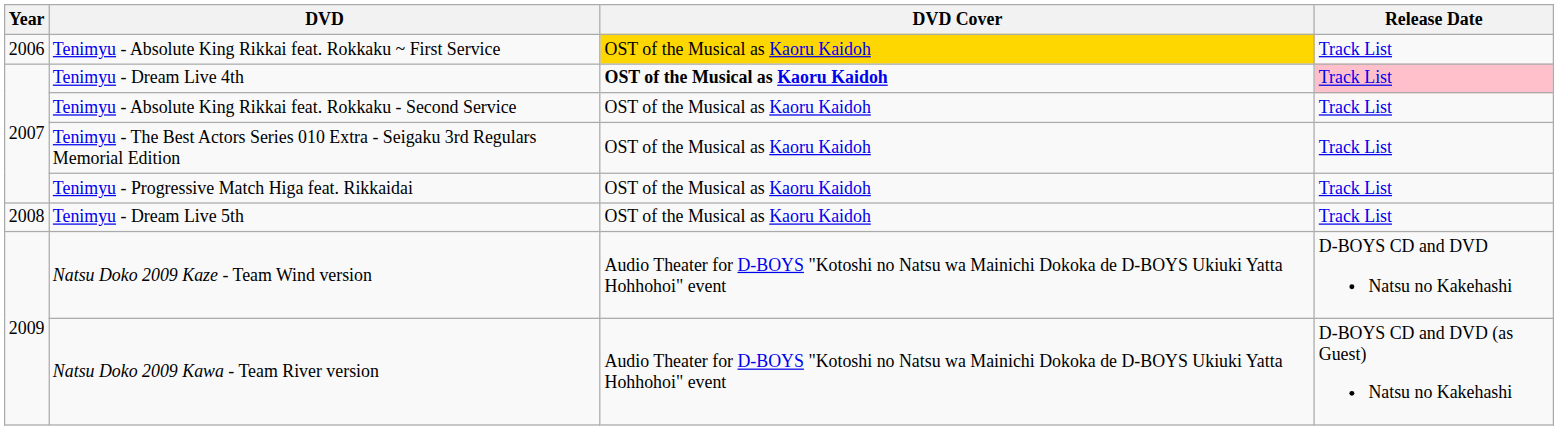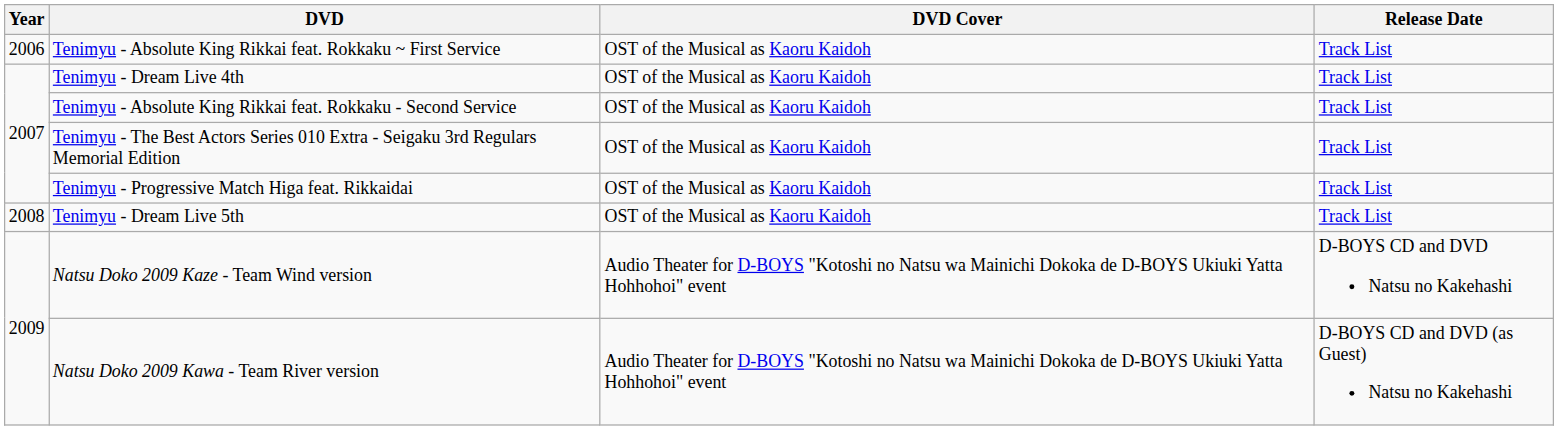 <table class="wikitable" style="font-size: 90%;">
 <tr>
 <th>Year</th>
 <th>DVD</th>
 <th>DVD Cover</th>
 <th>Release Date</th>
 </tr>
 <tr>
 <td rowspan="1">2006</td>
 <td><a href='#'>Tenimyu</a> - Absolute King Rikkai feat. Rokkaku ~ First Service</td>
-<td style="background: gold;">OST of the Musical as <a href='#'>Kaoru Kaidoh</a></td>
+<td>OST of the Musical as <a href='#'>Kaoru Kaidoh</a></td>
 <td><a href='#'>Track List</a></td>
 </tr>
 <tr>
 <td rowspan="4">2007</td>
 <td><a href='#'>Tenimyu</a> - Dream Live 4th</td>
-<td><strong>OST of the Musical as <a href='#'>Kaoru Kaidoh</a></strong></td>
-<td style="background: pink;"><a href='#'>Track List</a></td>
+<td>OST of the Musical as <a href='#'>Kaoru Kaidoh</a></td>
+<td><a href='#'>Track List</a></td>
 </tr>
 <tr>
 <td><a href='#'>Tenimyu</a> - Absolute King Rikkai feat. Rokkaku - Second Service</td>
 <td>OST of the Musical as <a href='#'>Kaoru Kaidoh</a></td>
 <td><a href='#'>Track List</a></td>
 </tr>
 <tr>
 <td><a href='#'>Tenimyu</a> - The Best Actors Series 010 Extra - Seigaku 3rd Regulars Memorial Edition</td>
 <td>OST of the Musical as <a href='#'>Kaoru Kaidoh</a></td>
 <td><a href='#'>Track List</a></td>
 </tr>
 <tr>
 <td><a href='#'>Tenimyu</a> - Progressive Match Higa feat. Rikkaidai</td>
 <td>OST of the Musical as <a href='#'>Kaoru Kaidoh</a></td>
 <td><a href='#'>Track List</a></td>
 </tr>
 <tr>
 <td rowspan="1">2008</td>
 <td><a href='#'>Tenimyu</a> - Dream Live 5th</td>
 <td>OST of the Musical as <a href='#'>Kaoru Kaidoh</a></td>
 <td><a href='#'>Track List</a></td>
 </tr>
 <tr>
 <td rowspan="2">2009</td>
 <td><em>Natsu Doko 2009 Kaze</em> - Team Wind version</td>
 <td>Audio Theater for <a href='#'>D-BOYS</a> "Kotoshi no Natsu wa Mainichi Dokoka de D-BOYS Ukiuki Yatta Hohhohoi" event</td>
 <td>D-BOYS CD and DVD<br><ul><li>Natsu no Kakehashi</li></ul></td>
 </tr>
 <tr>
 <td><em>Natsu Doko 2009 Kawa</em> - Team River version</td>
 <td>Audio Theater for <a href='#'>D-BOYS</a> "Kotoshi no Natsu wa Mainichi Dokoka de D-BOYS Ukiuki Yatta Hohhohoi" event</td>
 <td>D-BOYS CD and DVD (as Guest)<br><ul><li>Natsu no Kakehashi</li></ul></td>
 </tr>
 </table>
